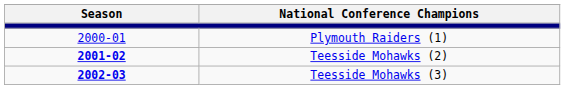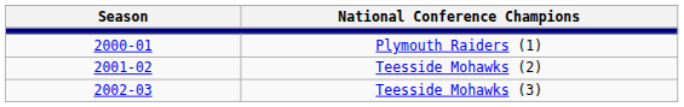 <table class="wikitable" style="text-align:center;font-size:100%;width: 50%">
 <tr bgcolor="#efefef">
 </tr>
 <tr>
 <th width=35%>Season</th>
 <th width=65%>National Conference Champions</th>
 </tr>
 <tr>
 <td colspan="7" align=center bgcolor="navy"></td>
 </tr>
 <tr>
 <td><a href='#'>2000-01</a></td>
 <td><a href='#'>Plymouth Raiders</a> (1)</td>
 </tr>
 <tr>
-<td><strong><a href='#'>2001-02</a></strong></td>
+<td><a href='#'>2001-02</a></td>
 <td><a href='#'>Teesside Mohawks</a> (2)</td>
 </tr>
 <tr>
-<td><strong><a href='#'>2002-03</a></strong></td>
+<td><a href='#'>2002-03</a></td>
 <td><a href='#'>Teesside Mohawks</a> (3)</td>
 </tr>
 </table>
